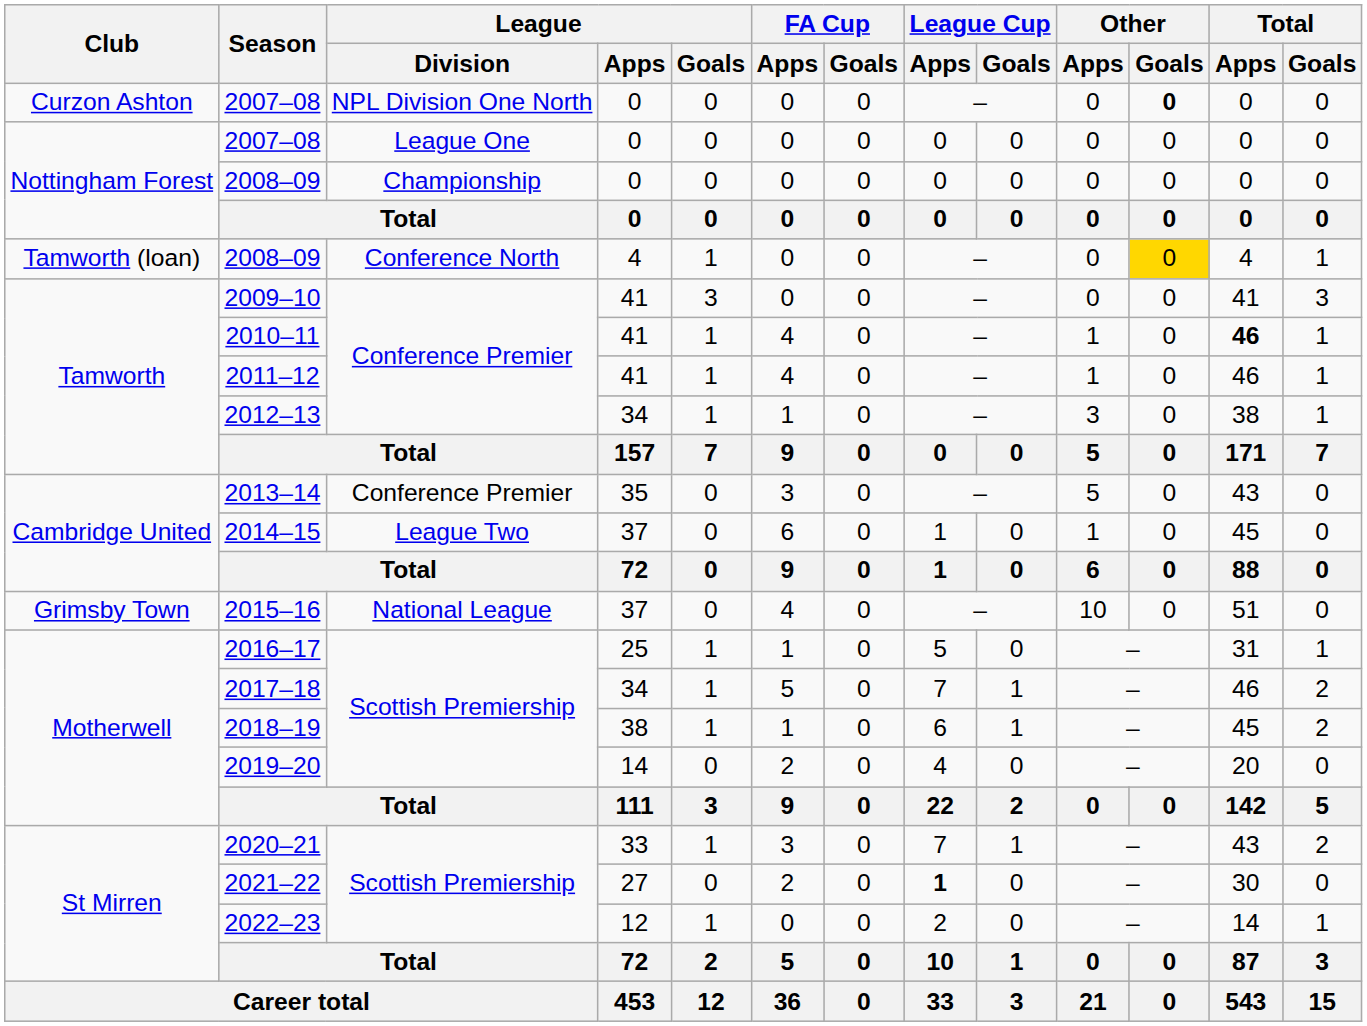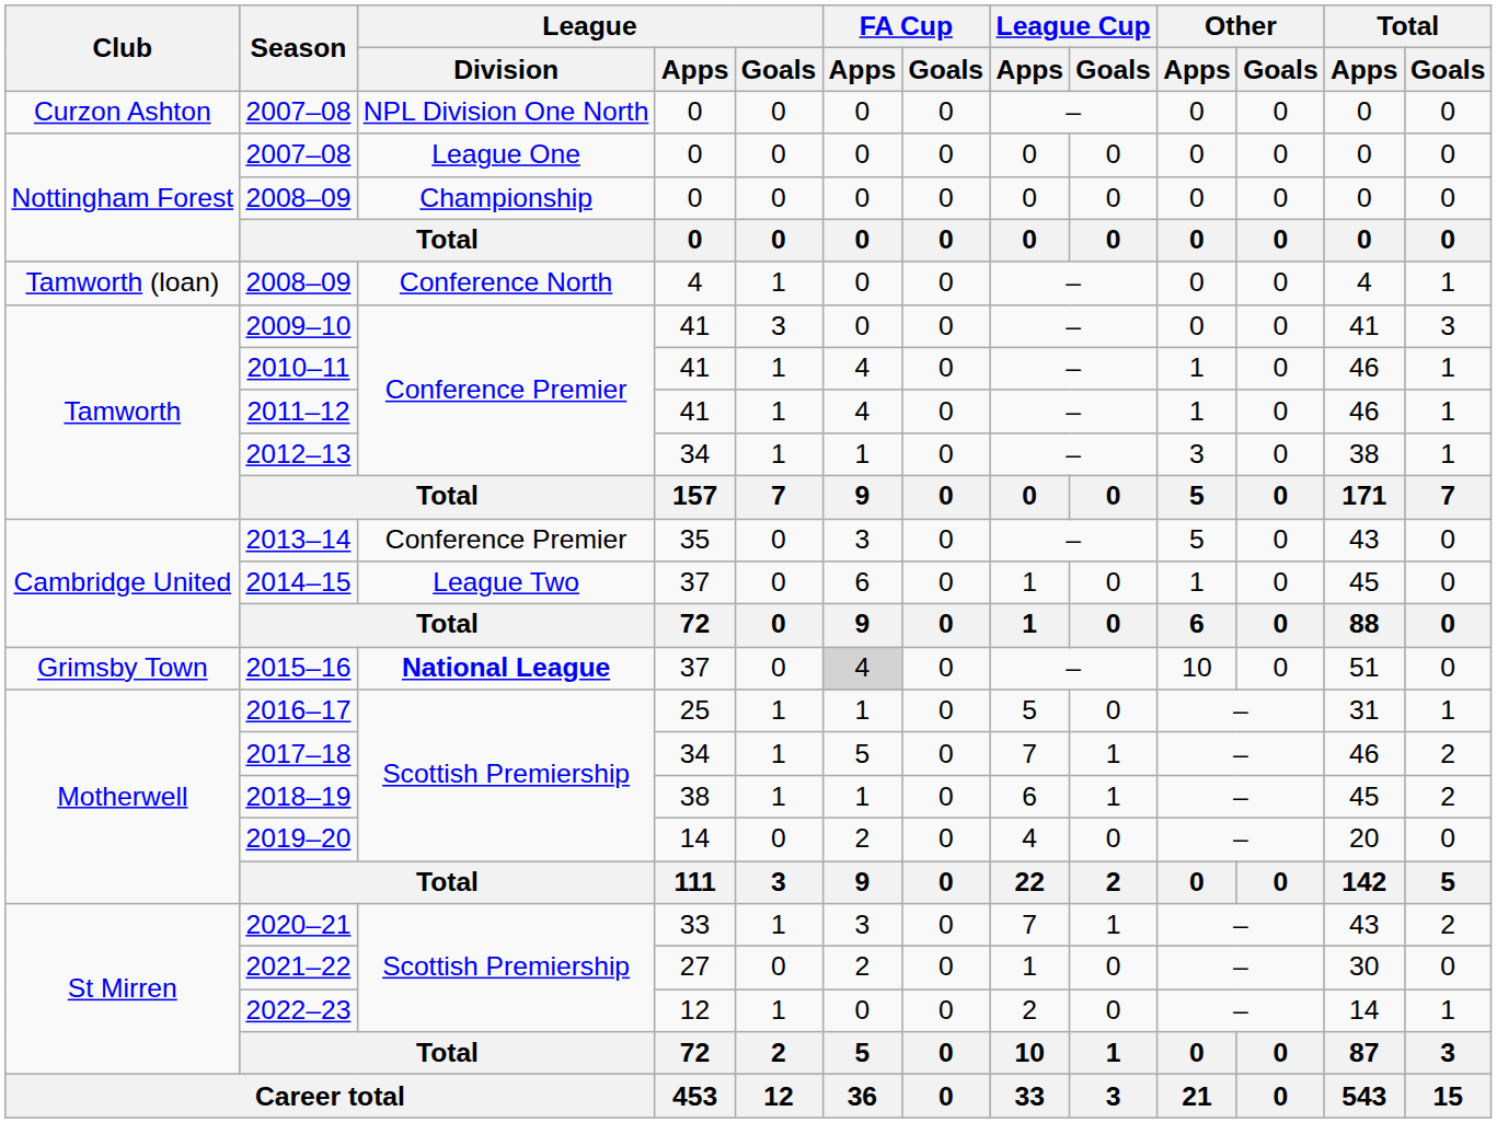 <table class="wikitable" style="text-align:center;">
 <tr>
 <th rowspan=2>Club</th>
 <th rowspan=2>Season</th>
 <th colspan=3>League</th>
 <th colspan=2><a href='#'>FA Cup</a></th>
 <th colspan="2"><a href='#'>League Cup</a></th>
 <th colspan="2">Other</th>
 <th colspan="2">Total</th>
 </tr>
 <tr>
 <th>Division</th>
 <th>Apps</th>
 <th>Goals</th>
 <th>Apps</th>
 <th>Goals</th>
 <th>Apps</th>
 <th>Goals</th>
 <th>Apps</th>
 <th>Goals</th>
 <th>Apps</th>
 <th>Goals</th>
 </tr>
 <tr>
 <td><a href='#'>Curzon Ashton</a></td>
 <td><a href='#'>2007–08</a></td>
 <td><a href='#'>NPL Division One North</a></td>
 <td>0</td>
 <td>0</td>
 <td>0</td>
 <td>0</td>
 <td colspan="2">–</td>
 <td>0</td>
-<td><strong>0</strong></td>
+<td>0</td>
 <td>0</td>
 <td>0</td>
 </tr>
 <tr>
 <td rowspan="3"><a href='#'>Nottingham Forest</a></td>
 <td><a href='#'>2007–08</a></td>
 <td><a href='#'>League One</a></td>
 <td>0</td>
 <td>0</td>
 <td>0</td>
 <td>0</td>
 <td>0</td>
 <td>0</td>
 <td>0</td>
 <td>0</td>
 <td>0</td>
 <td>0</td>
 </tr>
 <tr>
 <td><a href='#'>2008–09</a></td>
 <td><a href='#'>Championship</a></td>
 <td>0</td>
 <td>0</td>
 <td>0</td>
 <td>0</td>
 <td>0</td>
 <td>0</td>
 <td>0</td>
 <td>0</td>
 <td>0</td>
 <td>0</td>
 </tr>
 <tr>
 <th colspan="2">Total</th>
 <th>0</th>
 <th>0</th>
 <th>0</th>
 <th>0</th>
 <th>0</th>
 <th>0</th>
 <th>0</th>
 <th>0</th>
 <th>0</th>
 <th>0</th>
 </tr>
 <tr>
 <td><a href='#'>Tamworth</a> (loan)</td>
 <td><a href='#'>2008–09</a></td>
 <td><a href='#'>Conference North</a></td>
 <td>4</td>
 <td>1</td>
 <td>0</td>
 <td>0</td>
 <td colspan="2">–</td>
 <td>0</td>
-<td style="background: gold;">0</td>
+<td>0</td>
 <td>4</td>
 <td>1</td>
 </tr>
 <tr>
 <td rowspan="5"><a href='#'>Tamworth</a></td>
 <td><a href='#'>2009–10</a></td>
 <td rowspan="4"><a href='#'>Conference Premier</a></td>
 <td>41</td>
 <td>3</td>
 <td>0</td>
 <td>0</td>
 <td colspan="2">–</td>
 <td>0</td>
 <td>0</td>
 <td>41</td>
 <td>3</td>
 </tr>
 <tr>
 <td><a href='#'>2010–11</a></td>
 <td>41</td>
 <td>1</td>
 <td>4</td>
 <td>0</td>
 <td colspan="2">–</td>
 <td>1</td>
 <td>0</td>
-<td><strong>46</strong></td>
+<td>46</td>
 <td>1</td>
 </tr>
 <tr>
 <td><a href='#'>2011–12</a></td>
 <td>41</td>
 <td>1</td>
 <td>4</td>
 <td>0</td>
 <td colspan="2">–</td>
 <td>1</td>
 <td>0</td>
 <td>46</td>
 <td>1</td>
 </tr>
 <tr>
 <td><a href='#'>2012–13</a></td>
 <td>34</td>
 <td>1</td>
 <td>1</td>
 <td>0</td>
 <td colspan="2">–</td>
 <td>3</td>
 <td>0</td>
 <td>38</td>
 <td>1</td>
 </tr>
 <tr>
 <th colspan="2">Total</th>
 <th>157</th>
 <th>7</th>
 <th>9</th>
 <th>0</th>
 <th>0</th>
 <th>0</th>
 <th>5</th>
 <th>0</th>
 <th>171</th>
 <th>7</th>
 </tr>
 <tr>
 <td rowspan="3"><a href='#'>Cambridge United</a></td>
 <td><a href='#'>2013–14</a></td>
 <td>Conference Premier</td>
 <td>35</td>
 <td>0</td>
 <td>3</td>
 <td>0</td>
 <td colspan="2">–</td>
 <td>5</td>
 <td>0</td>
 <td>43</td>
 <td>0</td>
 </tr>
 <tr>
 <td><a href='#'>2014–15</a></td>
 <td><a href='#'>League Two</a></td>
 <td>37</td>
 <td>0</td>
 <td>6</td>
 <td>0</td>
 <td>1</td>
 <td>0</td>
 <td>1</td>
 <td>0</td>
 <td>45</td>
 <td>0</td>
 </tr>
 <tr>
 <th colspan="2">Total</th>
 <th>72</th>
 <th>0</th>
 <th>9</th>
 <th>0</th>
 <th>1</th>
 <th>0</th>
 <th>6</th>
 <th>0</th>
 <th>88</th>
 <th>0</th>
 </tr>
 <tr>
 <td><a href='#'>Grimsby Town</a></td>
 <td><a href='#'>2015–16</a></td>
-<td><a href='#'>National League</a></td>
+<td><strong><a href='#'>National League</a></strong></td>
 <td>37</td>
 <td>0</td>
-<td>4</td>
+<td style="background: lightgrey;">4</td>
 <td>0</td>
 <td colspan="2">–</td>
 <td>10</td>
 <td>0</td>
 <td>51</td>
 <td>0</td>
 </tr>
 <tr>
 <td rowspan="5"><a href='#'>Motherwell</a></td>
 <td><a href='#'>2016–17</a></td>
 <td rowspan="4"><a href='#'>Scottish Premiership</a></td>
 <td>25</td>
 <td>1</td>
 <td>1</td>
 <td>0</td>
 <td>5</td>
 <td>0</td>
 <td colspan="2">–</td>
 <td>31</td>
 <td>1</td>
 </tr>
 <tr>
 <td><a href='#'>2017–18</a></td>
 <td>34</td>
 <td>1</td>
 <td>5</td>
 <td>0</td>
 <td>7</td>
 <td>1</td>
 <td colspan="2">–</td>
 <td>46</td>
 <td>2</td>
 </tr>
 <tr>
 <td><a href='#'>2018–19</a></td>
 <td>38</td>
 <td>1</td>
 <td>1</td>
 <td>0</td>
 <td>6</td>
 <td>1</td>
 <td colspan=2>–</td>
 <td>45</td>
 <td>2</td>
 </tr>
 <tr>
 <td><a href='#'>2019–20</a></td>
 <td>14</td>
 <td>0</td>
 <td>2</td>
 <td>0</td>
 <td>4</td>
 <td>0</td>
 <td colspan=2>–</td>
 <td>20</td>
 <td>0</td>
 </tr>
 <tr>
 <th colspan="2">Total</th>
 <th>111</th>
 <th>3</th>
 <th>9</th>
 <th>0</th>
 <th>22</th>
 <th>2</th>
 <th>0</th>
 <th>0</th>
 <th>142</th>
 <th>5</th>
 </tr>
 <tr>
 <td rowspan="4"><a href='#'>St Mirren</a></td>
 <td><a href='#'>2020–21</a></td>
 <td rowspan="3"><a href='#'>Scottish Premiership</a></td>
 <td>33</td>
 <td>1</td>
 <td>3</td>
 <td>0</td>
 <td>7</td>
 <td>1</td>
 <td colspan="2">–</td>
 <td>43</td>
 <td>2</td>
 </tr>
 <tr>
 <td><a href='#'>2021–22</a></td>
 <td>27</td>
 <td>0</td>
 <td>2</td>
 <td>0</td>
-<td><strong>1</strong></td>
+<td>1</td>
 <td>0</td>
 <td colspan="2">–</td>
 <td>30</td>
 <td>0</td>
 </tr>
 <tr>
 <td><a href='#'>2022–23</a></td>
 <td>12</td>
 <td>1</td>
 <td>0</td>
 <td>0</td>
 <td>2</td>
 <td>0</td>
 <td colspan="2">–</td>
 <td>14</td>
 <td>1</td>
 </tr>
 <tr>
 <th colspan="2">Total</th>
 <th>72</th>
 <th>2</th>
 <th>5</th>
 <th>0</th>
 <th>10</th>
 <th>1</th>
 <th>0</th>
 <th>0</th>
 <th>87</th>
 <th>3</th>
 </tr>
 <tr>
 <th colspan="3">Career total</th>
 <th>453</th>
 <th>12</th>
 <th>36</th>
 <th>0</th>
 <th>33</th>
 <th>3</th>
 <th>21</th>
 <th>0</th>
 <th>543</th>
 <th>15</th>
 </tr>
 </table>
